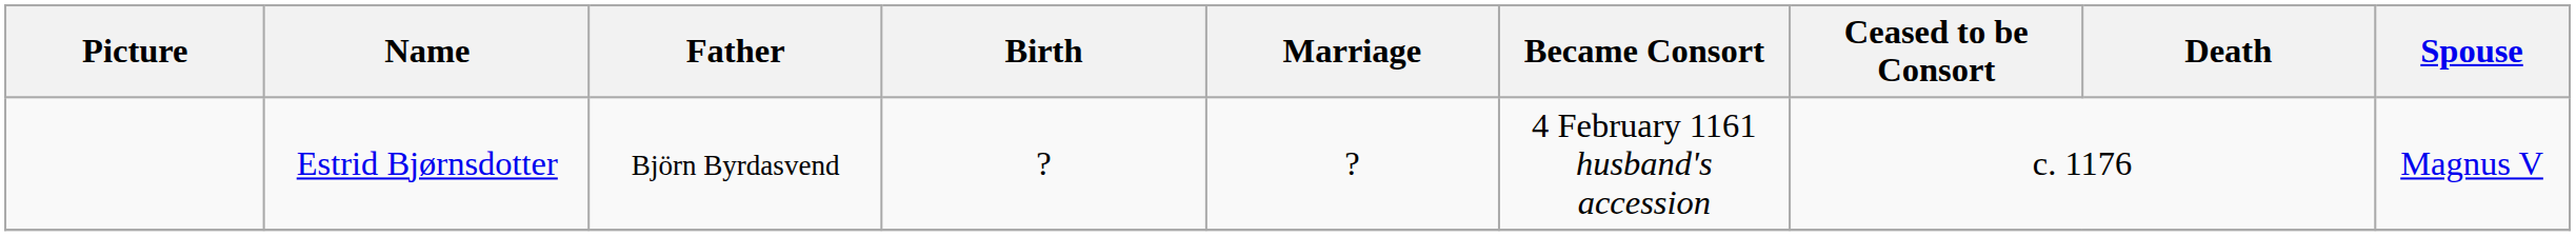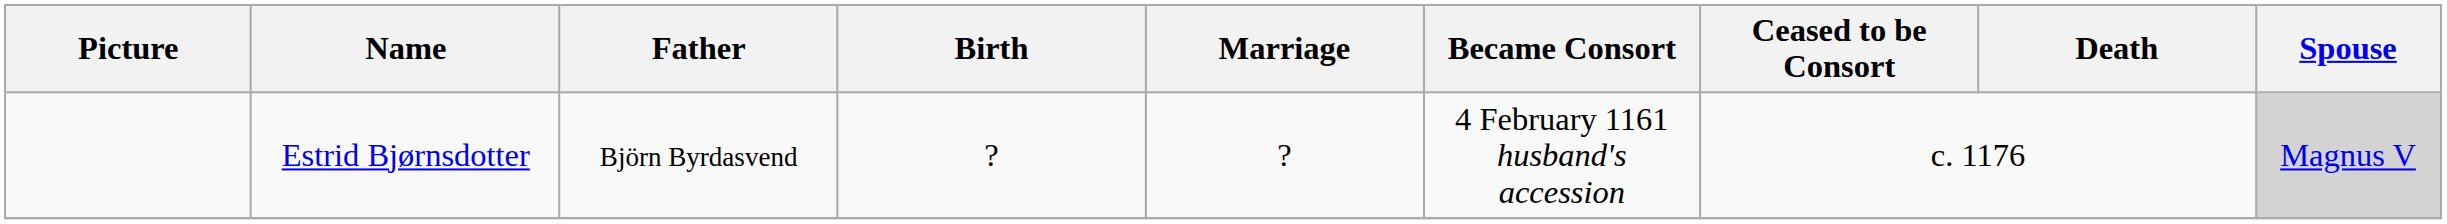 <table width=95% class="wikitable">
 <tr>
 <th width = "8%">Picture</th>
 <th width = "10%">Name</th>
 <th width = "9%">Father</th>
 <th width = "10%">Birth</th>
 <th width = "9%">Marriage</th>
 <th width = "9%">Became Consort</th>
 <th width = "9%">Ceased to be Consort</th>
 <th width = "9%">Death</th>
 <th width = "6%"><a href='#'>Spouse</a></th>
 </tr>
 <tr>
 <td align="center"></td>
 <td align="center"><a href='#'>Estrid Bjørnsdotter</a></td>
 <td align="center"><small>Björn Byrdasvend</small></td>
 <td align="center">?</td>
 <td align="center">?</td>
 <td align="center">4 February 1161<br><em>husband's accession</em></td>
 <td align="center" colspan="2">c. 1176</td>
-<td align="center"><a href='#'>Magnus V</a></td>
+<td align="center" style="background: lightgrey;"><a href='#'>Magnus V</a></td>
 </tr>
 <tr>
 </tr>
 </table>
